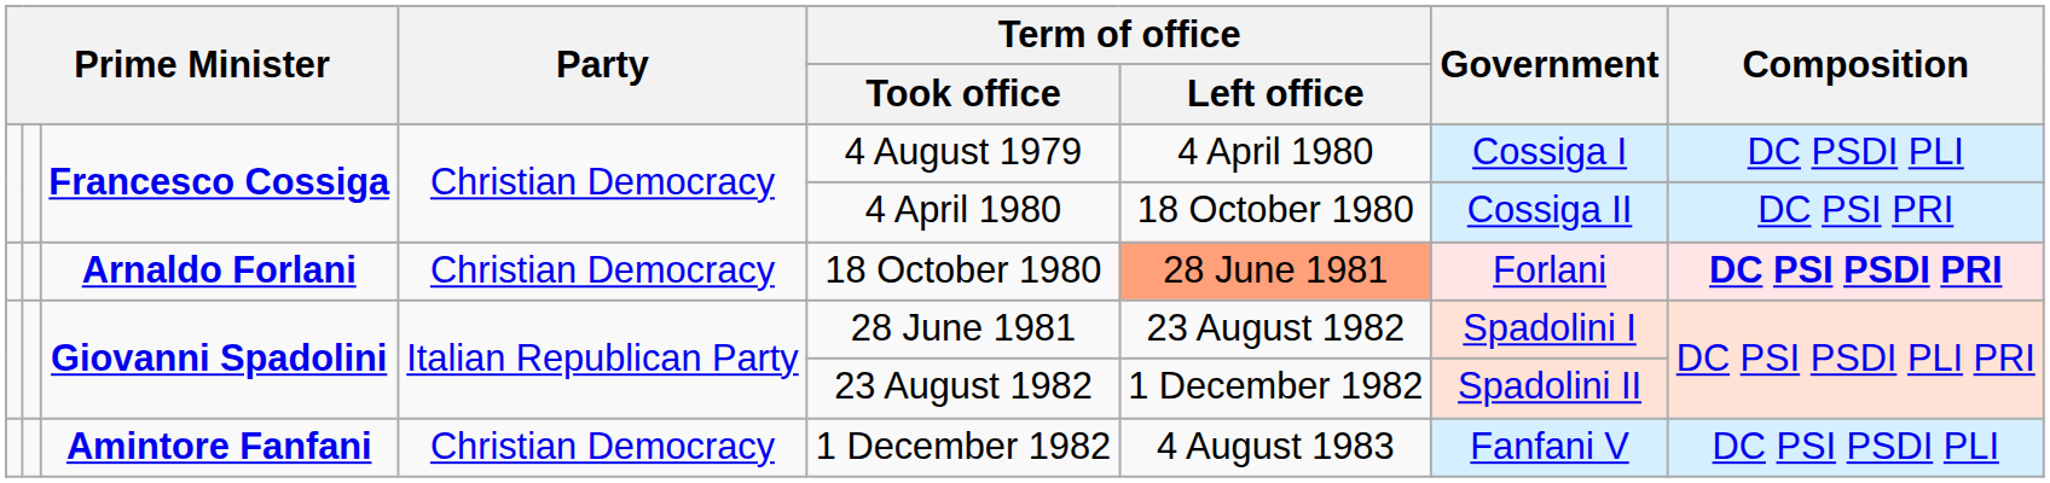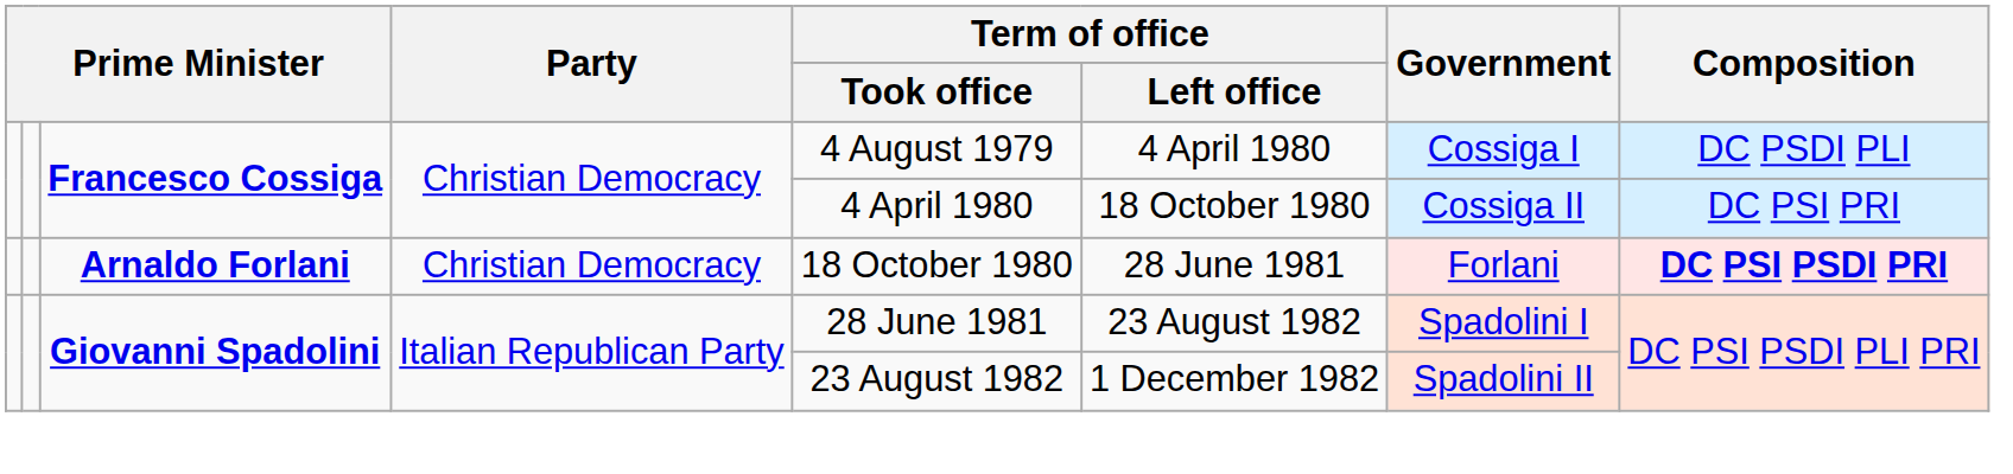 <table class="wikitable" style="text-align:center">
 <tr>
 <th colspan=3 rowspan=2>Prime Minister</th>
 <th rowspan=2>Party</th>
 <th colspan=2>Term of office</th>
 <th rowspan=2>Government</th>
 <th rowspan=2>Composition</th>
 </tr>
 <tr>
 <th>Took office</th>
 <th>Left office</th>
 </tr>
 <tr>
 <td rowspan=2 style="background:"></td>
 <td rowspan=2></td>
 <td rowspan=2><strong><a href='#'>Francesco Cossiga</a></strong><br></td>
 <td rowspan=2><a href='#'>Christian Democracy</a></td>
 <td>4 August 1979</td>
 <td>4 April 1980</td>
 <td bgcolor=#D5EFFF><a href='#'>Cossiga I</a></td>
 <td bgcolor=#D5EFFF><a href='#'>DC</a>  <a href='#'>PSDI</a>  <a href='#'>PLI</a><br></td>
 </tr>
 <tr>
 <td>4 April 1980</td>
 <td>18 October 1980</td>
 <td bgcolor=#D5EFFF><a href='#'>Cossiga II</a></td>
 <td bgcolor=#D5EFFF><a href='#'>DC</a>  <a href='#'>PSI</a>  <a href='#'>PRI</a></td>
 </tr>
 <tr>
 <td style="background:"></td>
 <td></td>
 <td><strong><a href='#'>Arnaldo Forlani</a></strong><br></td>
 <td><a href='#'>Christian Democracy</a></td>
 <td>18 October 1980</td>
-<td style="background: lightsalmon;">28 June 1981</td>
+<td>28 June 1981</td>
 <td bgcolor=#FFE5E5><a href='#'>Forlani</a></td>
 <td bgcolor=#FFE5E5><strong><a href='#'>DC</a>  <a href='#'>PSI</a>  <a href='#'>PSDI</a>  <a href='#'>PRI</a><br></strong></td>
 </tr>
 <tr>
 <td rowspan=2 style="background:"></td>
 <td rowspan=2></td>
 <td rowspan=2><strong><a href='#'>Giovanni Spadolini</a></strong><br></td>
 <td rowspan=2><a href='#'>Italian Republican Party</a></td>
 <td>28 June 1981</td>
 <td>23 August 1982</td>
 <td bgcolor=#FFE2D5><a href='#'>Spadolini I</a></td>
 <td rowspan=2 bgcolor=#FFE2D5><a href='#'>DC</a>  <a href='#'>PSI</a>  <a href='#'>PSDI</a>  <a href='#'>PLI</a>  <a href='#'>PRI</a><br></td>
 </tr>
 <tr>
 <td>23 August 1982</td>
 <td>1 December 1982</td>
 <td bgcolor=#FFE2D5><a href='#'>Spadolini II</a></td>
 </tr>
-<tr>
-<td style="background:"></td>
-<td></td>
-<td><strong><a href='#'>Amintore Fanfani</a></strong><br></td>
-<td><a href='#'>Christian Democracy</a></td>
-<td>1 December 1982</td>
-<td>4 August 1983</td>
-<td bgcolor=#D5EFFF><a href='#'>Fanfani V</a></td>
-<td bgcolor=#D5EFFF><a href='#'>DC</a>  <a href='#'>PSI</a>  <a href='#'>PSDI</a>  <a href='#'>PLI</a><br></td>
-</tr>
 </table>
